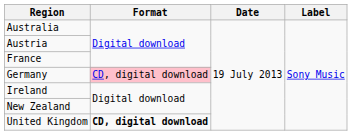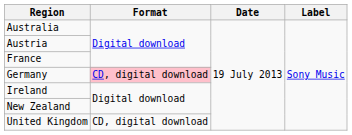 <table class="wikitable sortable">
 <tr>
 <th>Region</th>
 <th>Format</th>
 <th>Date</th>
 <th>Label</th>
 </tr>
 <tr>
 <td>Australia</td>
 <td rowspan="3"><a href='#'>Digital download</a></td>
 <td rowspan="7">19 July 2013</td>
 <td rowspan="7"><a href='#'>Sony Music</a></td>
 </tr>
 <tr>
 <td>Austria</td>
 </tr>
 <tr>
 <td>France</td>
 </tr>
 <tr>
 <td>Germany</td>
 <td style="background: pink;"><a href='#'>CD</a>, digital download</td>
 </tr>
 <tr>
 <td>Ireland</td>
 <td rowspan="2">Digital download</td>
 </tr>
 <tr>
 <td>New Zealand</td>
 </tr>
 <tr>
 <td>United Kingdom</td>
-<td><strong>CD, digital download</strong></td>
+<td>CD, digital download</td>
 </tr>
 </table>
